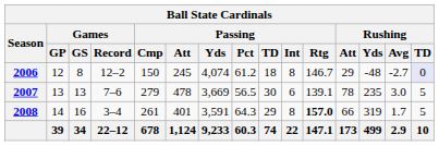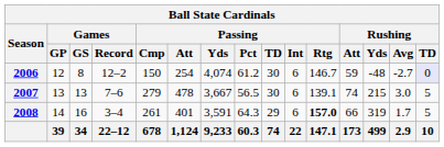 <table class="wikitable" style="text-align:center;">
 <tr>
 <th colspan="15">Ball State Cardinals</th>
 </tr>
 <tr>
 <th rowspan="2">Season</th>
 <th colspan="3">Games</th>
 <th colspan="7">Passing</th>
 <th colspan="4">Rushing</th>
 </tr>
 <tr>
 <th>GP</th>
 <th>GS</th>
 <th>Record</th>
 <th>Cmp</th>
 <th>Att</th>
 <th>Yds</th>
 <th>Pct</th>
 <th>TD</th>
 <th>Int</th>
 <th>Rtg</th>
 <th>Att</th>
 <th>Yds</th>
 <th>Avg</th>
 <th>TD</th>
 </tr>
 <tr>
 <th><a href='#'>2006</a></th>
 <td>12</td>
 <td>8</td>
 <td>12–2</td>
 <td>150</td>
-<td>245</td>
+<td>254</td>
 <td>4,074</td>
 <td>61.2</td>
-<td>18</td>
-<td>8</td>
+<td>30</td>
+<td>6</td>
 <td>146.7</td>
-<td>29</td>
+<td>59</td>
 <td>-48</td>
 <td>-2.7</td>
 <td style="background: lavender;">0</td>
 </tr>
 <tr>
 <th><a href='#'>2007</a></th>
 <td>13</td>
 <td>13</td>
 <td>7–6</td>
 <td>279</td>
 <td>478</td>
-<td>3,669</td>
+<td>3,667</td>
 <td>56.5</td>
 <td>30</td>
 <td>6</td>
 <td>139.1</td>
-<td>78</td>
-<td>235</td>
+<td>74</td>
+<td>215</td>
 <td>3.0</td>
 <td>5</td>
 </tr>
 <tr>
 <th><a href='#'>2008</a></th>
 <td>14</td>
 <td>16</td>
 <td>3–4</td>
 <td>261</td>
 <td>401</td>
 <td>3,591</td>
 <td>64.3</td>
 <td>29</td>
-<td>8</td>
+<td>6</td>
 <td><strong>157.0</strong></td>
 <td>66</td>
 <td>319</td>
 <td>1.7</td>
 <td>5</td>
 </tr>
 <tr>
 <th></th>
 <th>39</th>
 <th>34</th>
 <th>22–12</th>
 <th>678</th>
 <th>1,124</th>
 <th>9,233</th>
 <th>60.3</th>
 <th>74</th>
 <th>22</th>
 <th>147.1</th>
 <th>173</th>
 <th>499</th>
 <th>2.9</th>
 <th>10</th>
 </tr>
 </table>
